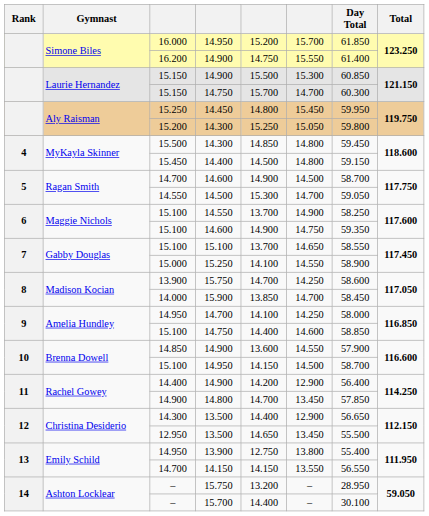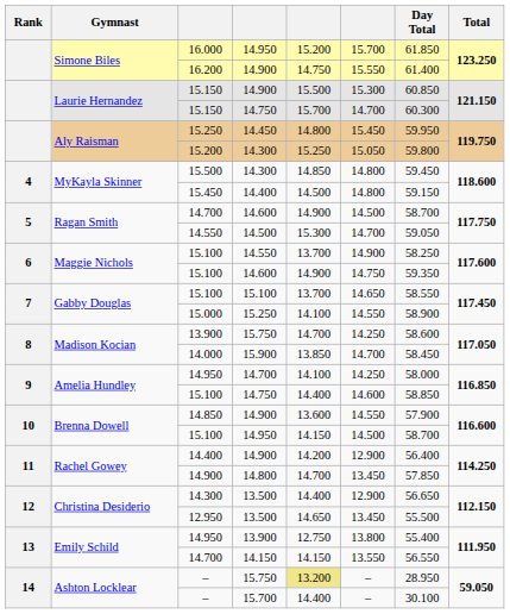 <table class="wikitable sortable" style="text-align:center; font-size:95%">
 <tr>
 <th scope="col" style="width:50px;">Rank</th>
 <th scope="col" style="width:150px;">Gymnast</th>
 <th scope="col" style="width:60px;"></th>
 <th scope="col" style="width:60px;"></th>
 <th scope="col" style="width:60px;"></th>
 <th scope="col" style="width:60px;"></th>
 <th scope="col" style="width:60px;">Day Total</th>
 <th scope="col" style="width:60px;">Total</th>
 </tr>
 <tr style="background:#fffcaf;">
 <th rowspan="2" scope=row style="text-align:center"></th>
 <td rowspan="2" align=left><a href='#'>Simone Biles</a></td>
 <td>16.000</td>
 <td>14.950</td>
 <td>15.200</td>
 <td>15.700</td>
 <td>61.850</td>
 <td rowspan="2"><strong>123.250</strong></td>
 </tr>
 <tr style="background:#fffcaf;">
 <td>16.200</td>
 <td>14.900</td>
 <td>14.750</td>
 <td>15.550</td>
 <td>61.400</td>
 </tr>
 <tr style="background:#e5e5e5;">
 <th rowspan="2" scope=row style="text-align:center"></th>
 <td rowspan="2" align=left><a href='#'>Laurie Hernandez</a></td>
 <td>15.150</td>
 <td>14.900</td>
 <td>15.500</td>
 <td>15.300</td>
 <td>60.850</td>
 <td rowspan="2"><strong>121.150</strong></td>
 </tr>
 <tr style="background:#e5e5e5;">
 <td>15.150</td>
 <td>14.750</td>
 <td>15.700</td>
 <td>14.700</td>
 <td>60.300</td>
 </tr>
 <tr style="background:#ec9;">
 <th rowspan="2" scope=row style="text-align:center"></th>
 <td rowspan="2" align=left><a href='#'>Aly Raisman</a></td>
 <td>15.250</td>
 <td>14.450</td>
 <td>14.800</td>
 <td>15.450</td>
 <td>59.950</td>
 <td rowspan="2"><strong>119.750</strong></td>
 </tr>
 <tr style="background:#ec9;">
 <td>15.200</td>
 <td>14.300</td>
 <td>15.250</td>
 <td>15.050</td>
 <td>59.800</td>
 </tr>
 <tr>
 <th rowspan="2" scope=row style="text-align:center">4</th>
 <td rowspan="2" align=left><a href='#'>MyKayla Skinner</a></td>
 <td>15.500</td>
 <td>14.300</td>
 <td>14.850</td>
 <td>14.800</td>
 <td>59.450</td>
 <td rowspan="2"><strong>118.600</strong></td>
 </tr>
 <tr>
 <td>15.450</td>
 <td>14.400</td>
 <td>14.500</td>
 <td>14.800</td>
 <td>59.150</td>
 </tr>
 <tr>
 <th rowspan="2" scope=row style="text-align:center">5</th>
 <td rowspan="2" align=left><a href='#'>Ragan Smith</a></td>
 <td>14.700</td>
 <td>14.600</td>
 <td>14.900</td>
 <td>14.500</td>
 <td>58.700</td>
 <td rowspan="2"><strong>117.750</strong></td>
 </tr>
 <tr>
 <td>14.550</td>
 <td>14.500</td>
 <td>15.300</td>
 <td>14.700</td>
 <td>59.050</td>
 </tr>
 <tr>
 <th rowspan="2" scope=row style="text-align:center">6</th>
 <td rowspan="2" align=left><a href='#'>Maggie Nichols</a></td>
 <td>15.100</td>
 <td>14.550</td>
 <td>13.700</td>
 <td>14.900</td>
 <td>58.250</td>
 <td rowspan="2"><strong>117.600</strong></td>
 </tr>
 <tr>
 <td>15.100</td>
 <td>14.600</td>
 <td>14.900</td>
 <td>14.750</td>
 <td>59.350</td>
 </tr>
 <tr>
 <th rowspan="2" scope=row style="text-align:center">7</th>
 <td rowspan="2" align=left><a href='#'>Gabby Douglas</a></td>
 <td>15.100</td>
 <td>15.100</td>
 <td>13.700</td>
 <td>14.650</td>
 <td>58.550</td>
 <td rowspan="2"><strong>117.450</strong></td>
 </tr>
 <tr>
 <td>15.000</td>
 <td>15.250</td>
 <td>14.100</td>
 <td>14.550</td>
 <td>58.900</td>
 </tr>
 <tr>
 <th rowspan="2" scope=row style="text-align:center">8</th>
 <td rowspan="2" align=left><a href='#'>Madison Kocian</a></td>
 <td>13.900</td>
 <td>15.750</td>
 <td>14.700</td>
 <td>14.250</td>
 <td>58.600</td>
 <td rowspan="2"><strong>117.050</strong></td>
 </tr>
 <tr>
 <td>14.000</td>
 <td>15.900</td>
 <td>13.850</td>
 <td>14.700</td>
 <td>58.450</td>
 </tr>
 <tr>
 <th rowspan="2" scope=row style="text-align:center">9</th>
 <td rowspan="2" align=left><a href='#'>Amelia Hundley</a></td>
 <td>14.950</td>
 <td>14.700</td>
 <td>14.100</td>
 <td>14.250</td>
 <td>58.000</td>
 <td rowspan="2"><strong>116.850</strong></td>
 </tr>
 <tr>
 <td>15.100</td>
 <td>14.750</td>
 <td>14.400</td>
 <td>14.600</td>
 <td>58.850</td>
 </tr>
 <tr>
 <th rowspan="2" scope=row style="text-align:center">10</th>
 <td rowspan="2" align=left><a href='#'>Brenna Dowell</a></td>
 <td>14.850</td>
 <td>14.900</td>
 <td>13.600</td>
 <td>14.550</td>
 <td>57.900</td>
 <td rowspan="2"><strong>116.600</strong></td>
 </tr>
 <tr>
 <td>15.100</td>
 <td>14.950</td>
 <td>14.150</td>
 <td>14.500</td>
 <td>58.700</td>
 </tr>
 <tr>
 <th rowspan="2" scope=row style="text-align:center">11</th>
 <td rowspan="2" align=left><a href='#'>Rachel Gowey</a></td>
 <td>14.400</td>
 <td>14.900</td>
 <td>14.200</td>
 <td>12.900</td>
 <td>56.400</td>
 <td rowspan="2"><strong>114.250</strong></td>
 </tr>
 <tr>
 <td>14.900</td>
 <td>14.800</td>
 <td>14.700</td>
 <td>13.450</td>
 <td>57.850</td>
 </tr>
 <tr>
 <th rowspan="2" scope=row style="text-align:center">12</th>
 <td rowspan="2" align=left><a href='#'>Christina Desiderio</a></td>
 <td>14.300</td>
 <td>13.500</td>
 <td>14.400</td>
 <td>12.900</td>
 <td>56.650</td>
 <td rowspan="2"><strong>112.150</strong></td>
 </tr>
 <tr>
 <td>12.950</td>
 <td>13.500</td>
 <td>14.650</td>
 <td>13.450</td>
 <td>55.500</td>
 </tr>
 <tr>
 <th rowspan="2" scope=row style="text-align:center">13</th>
 <td rowspan="2" align=left><a href='#'>Emily Schild</a></td>
 <td>14.950</td>
 <td>13.900</td>
 <td>12.750</td>
 <td>13.800</td>
 <td>55.400</td>
 <td rowspan="2"><strong>111.950</strong></td>
 </tr>
 <tr>
 <td>14.700</td>
 <td>14.150</td>
 <td>14.150</td>
 <td>13.550</td>
 <td>56.550</td>
 </tr>
 <tr>
 <th rowspan="2" scope=row style="text-align:center">14</th>
 <td rowspan="2" align=left><a href='#'>Ashton Locklear</a></td>
 <td>–</td>
 <td>15.750</td>
-<td>13.200</td>
+<td style="background: khaki;">13.200</td>
 <td>–</td>
 <td>28.950</td>
 <td rowspan="2"><strong>59.050</strong></td>
 </tr>
 <tr>
 <td>–</td>
 <td>15.700</td>
 <td>14.400</td>
 <td>–</td>
 <td>30.100</td>
 </tr>
 </table>
